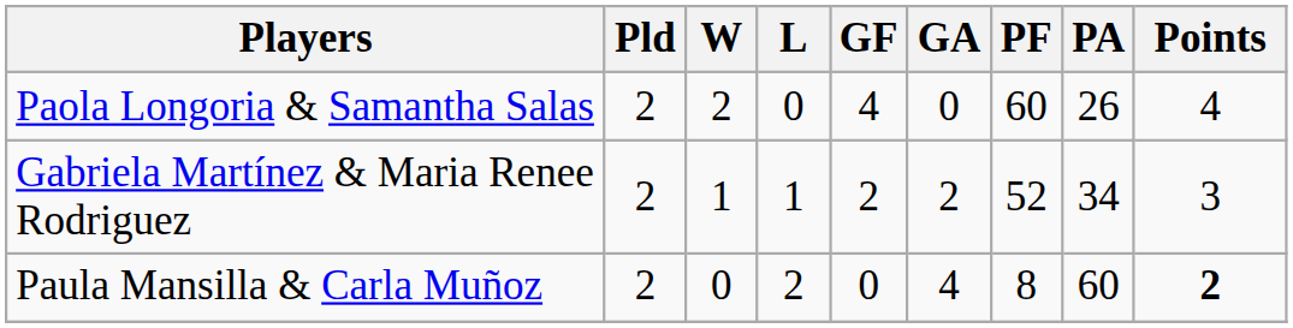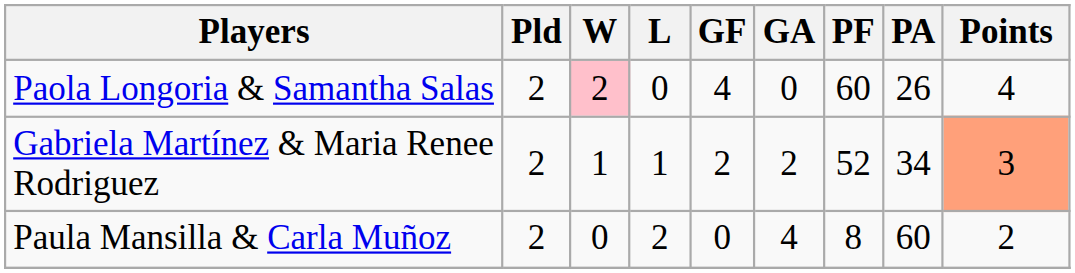 <table class=wikitable style="text-align:center">
 <tr>
 <th width=220>Players</th>
 <th width=20>Pld</th>
 <th width=20>W</th>
 <th width=20>L</th>
 <th width=20>GF</th>
 <th width=20>GA</th>
 <th width=20>PF</th>
 <th width=20>PA</th>
 <th width=50>Points</th>
 </tr>
 <tr>
 <td align=left> <a href='#'>Paola Longoria</a> & <a href='#'>Samantha Salas</a></td>
 <td>2</td>
-<td>2</td>
+<td style="background: pink;">2</td>
 <td>0</td>
 <td>4</td>
 <td>0</td>
 <td>60</td>
 <td>26</td>
 <td>4</td>
 </tr>
 <tr>
 <td align=left> <a href='#'>Gabriela Martínez</a> & Maria Renee Rodriguez</td>
 <td>2</td>
 <td>1</td>
 <td>1</td>
 <td>2</td>
 <td>2</td>
 <td>52</td>
 <td>34</td>
-<td>3</td>
+<td style="background: lightsalmon;">3</td>
 </tr>
 <tr>
 <td align=left> Paula Mansilla & <a href='#'>Carla Muñoz</a></td>
 <td>2</td>
 <td>0</td>
 <td>2</td>
 <td>0</td>
 <td>4</td>
 <td>8</td>
 <td>60</td>
-<td><strong>2</strong></td>
+<td>2</td>
 </tr>
 <tr>
 </tr>
 </table>
